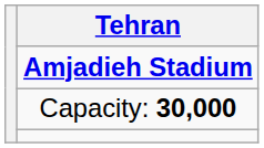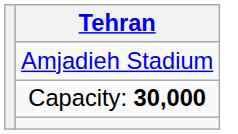 <table class="wikitable" style="text-align:center">
 <tr>
 <th rowspan=4></th>
 <th><a href='#'>Tehran</a></th>
 </tr>
 <tr>
-<td><strong><a href='#'>Amjadieh Stadium</a></strong></td>
+<td><a href='#'>Amjadieh Stadium</a></td>
 </tr>
 <tr>
 <td>Capacity: <strong>30,000</strong></td>
 </tr>
 <tr>
 <td></td>
 </tr>
 </table>
